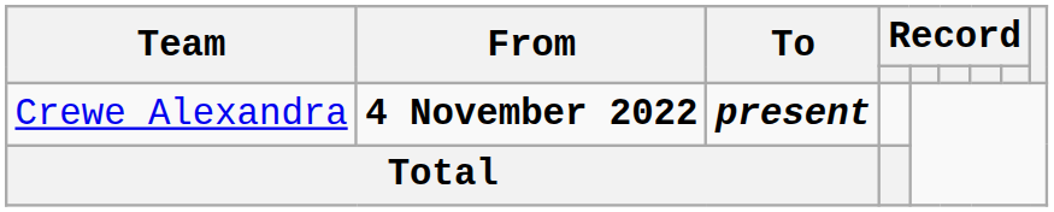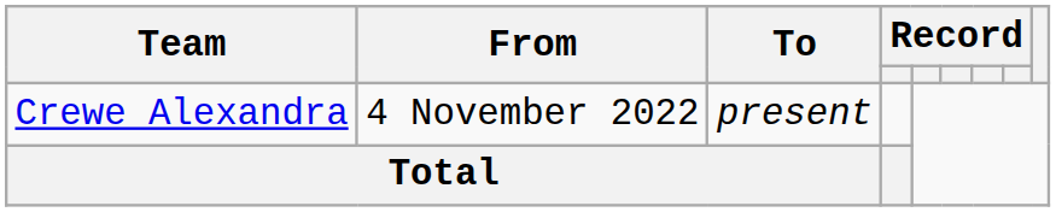 <table class=wikitable style=text-align:center>
 <tr>
 <th rowspan=2>Team</th>
 <th rowspan=2>From</th>
 <th rowspan=2>To</th>
 <th colspan=5>Record</th>
 <th rowspan=2></th>
 </tr>
 <tr>
 <th></th>
 <th></th>
 <th></th>
 <th></th>
 <th></th>
 </tr>
 <tr>
 <td align=left><a href='#'>Crewe Alexandra</a></td>
-<td align=left><strong>4 November 2022</strong></td>
-<td align=left><strong><em>present</em><br></strong></td>
+<td align=left>4 November 2022</td>
+<td align=left><em>present</em><br></td>
 <td></td>
 </tr>
 <tr>
 <th colspan=3>Total<br></th>
 <th></th>
 </tr>
 </table>
